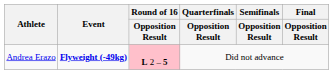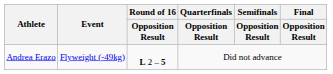 <table class="wikitable" style="font-size:90%">
 <tr>
 <th rowspan="2">Athlete</th>
 <th rowspan="2">Event</th>
 <th>Round of 16</th>
 <th>Quarterfinals</th>
 <th>Semifinals</th>
 <th>Final</th>
 </tr>
 <tr>
 <th>Opposition<br>Result</th>
 <th>Opposition<br>Result</th>
 <th>Opposition<br>Result</th>
 <th>Opposition<br>Result</th>
 </tr>
 <tr>
 <td><a href='#'>Andrea Erazo</a></td>
-<td><strong><a href='#'>Flyweight (-49kg)</a></strong></td>
-<td align=center style="background: pink;"><br><strong>L</strong> 2 – <strong>5</strong></td>
+<td><a href='#'>Flyweight (-49kg)</a></td>
+<td align=center><br><strong>L</strong> 2 – <strong>5</strong></td>
 <td align=center colspan="7">Did not advance</td>
 </tr>
 </table>
